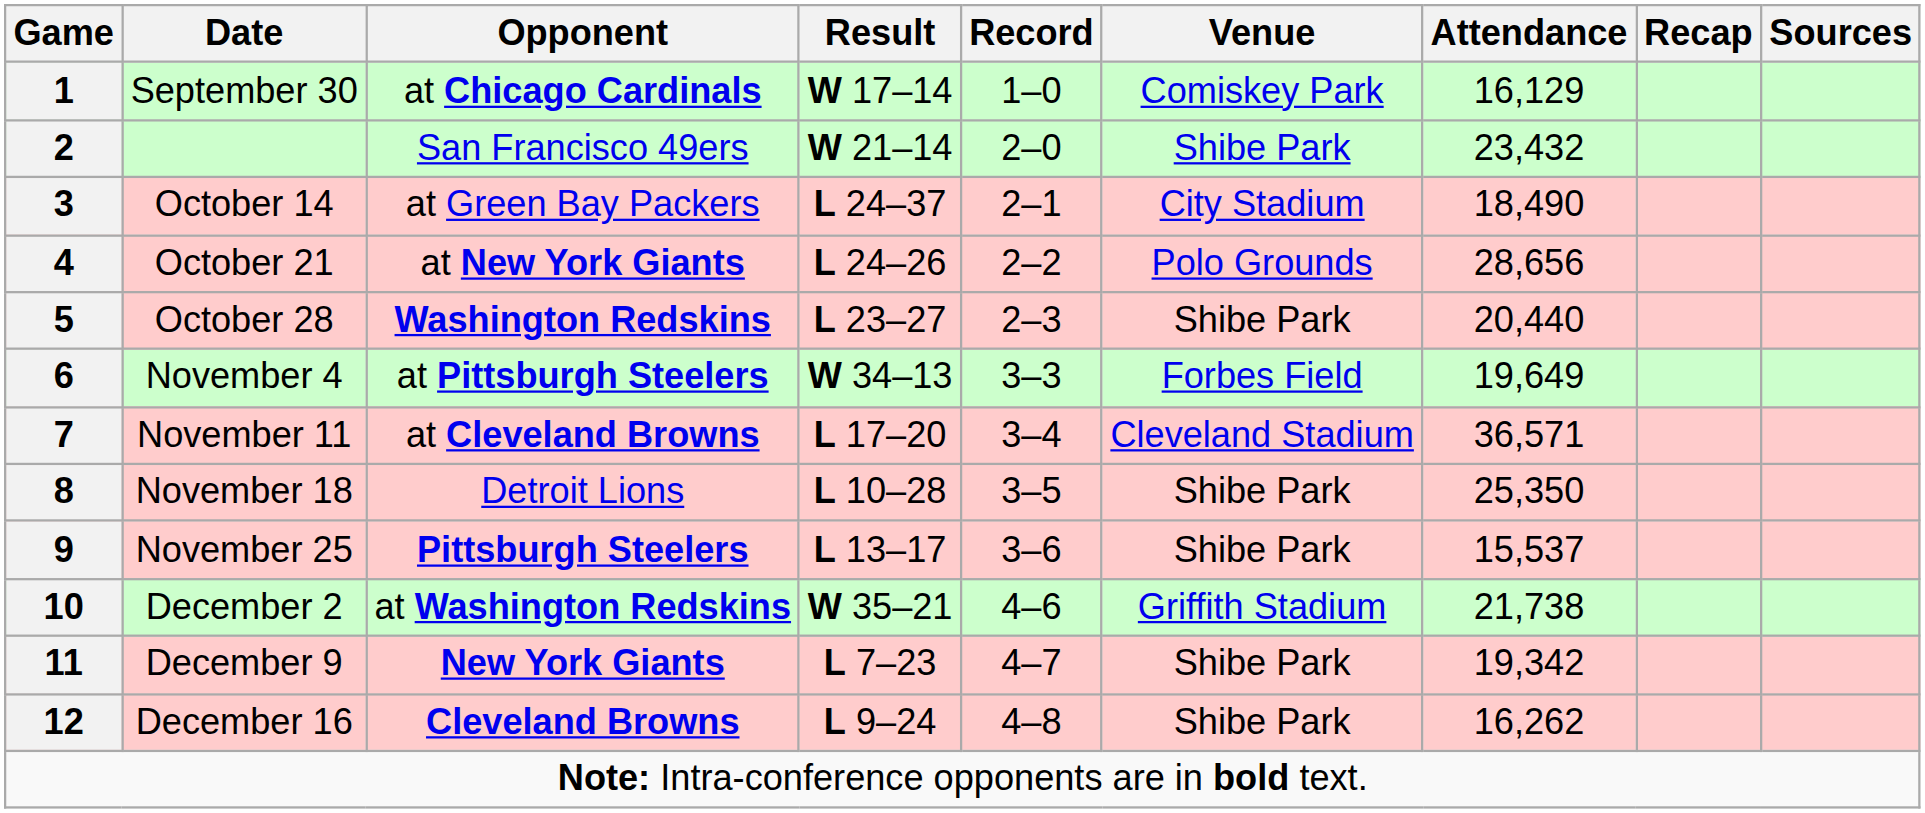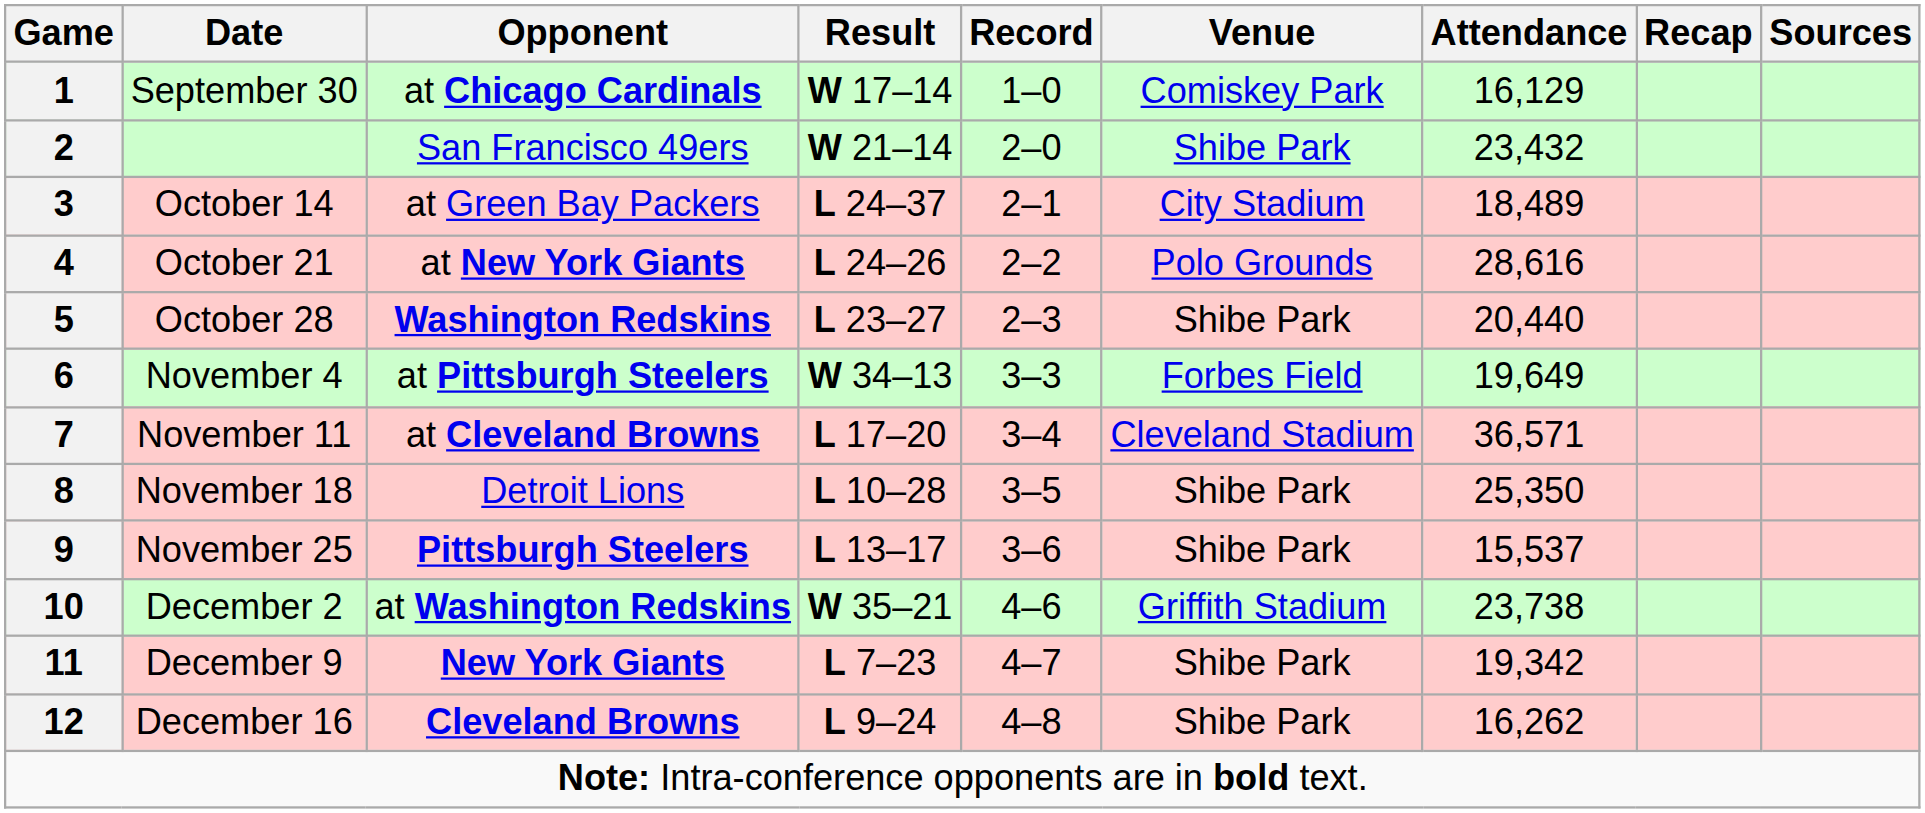 <table class="wikitable" style="text-align:center">
 <tr>
 <th>Game</th>
 <th>Date</th>
 <th>Opponent</th>
 <th>Result</th>
 <th>Record</th>
 <th>Venue</th>
 <th>Attendance</th>
 <th>Recap</th>
 <th>Sources</th>
 </tr>
 <tr style="background:#cfc">
 <th>1</th>
 <td>September 30</td>
 <td>at <strong><a href='#'>Chicago Cardinals</a></strong></td>
 <td><strong>W</strong> 17–14</td>
 <td>1–0</td>
 <td><a href='#'>Comiskey Park</a></td>
 <td>16,129</td>
 <td></td>
 <td></td>
 </tr>
 <tr style="background:#cfc">
 <th>2</th>
 <td></td>
 <td><a href='#'>San Francisco 49ers</a></td>
 <td><strong>W</strong> 21–14</td>
 <td>2–0</td>
 <td><a href='#'>Shibe Park</a></td>
 <td>23,432</td>
 <td></td>
 <td></td>
 </tr>
 <tr style="background:#fcc">
 <th>3</th>
 <td>October 14</td>
 <td>at <a href='#'>Green Bay Packers</a></td>
 <td><strong>L</strong> 24–37</td>
 <td>2–1</td>
 <td><a href='#'>City Stadium</a></td>
-<td>18,490</td>
+<td>18,489</td>
 <td></td>
 <td></td>
 </tr>
 <tr style="background:#fcc">
 <th>4</th>
 <td>October 21</td>
 <td>at <strong><a href='#'>New York Giants</a></strong></td>
 <td><strong>L</strong> 24–26</td>
 <td>2–2</td>
 <td><a href='#'>Polo Grounds</a></td>
-<td>28,656</td>
+<td>28,616</td>
 <td></td>
 <td></td>
 </tr>
 <tr style="background:#fcc">
 <th>5</th>
 <td>October 28</td>
 <td><strong><a href='#'>Washington Redskins</a></strong></td>
 <td><strong>L</strong> 23–27</td>
 <td>2–3</td>
 <td>Shibe Park</td>
 <td>20,440</td>
 <td></td>
 <td></td>
 </tr>
 <tr style="background:#cfc">
 <th>6</th>
 <td>November 4</td>
 <td>at <strong><a href='#'>Pittsburgh Steelers</a></strong></td>
 <td><strong>W</strong> 34–13</td>
 <td>3–3</td>
 <td><a href='#'>Forbes Field</a></td>
 <td>19,649</td>
 <td></td>
 <td></td>
 </tr>
 <tr style="background:#fcc">
 <th>7</th>
 <td>November 11</td>
 <td>at <strong><a href='#'>Cleveland Browns</a></strong></td>
 <td><strong>L</strong> 17–20</td>
 <td>3–4</td>
 <td><a href='#'>Cleveland Stadium</a></td>
 <td>36,571</td>
 <td></td>
 <td></td>
 </tr>
 <tr style="background:#fcc">
 <th>8</th>
 <td>November 18</td>
 <td><a href='#'>Detroit Lions</a></td>
 <td><strong>L</strong> 10–28</td>
 <td>3–5</td>
 <td>Shibe Park</td>
 <td>25,350</td>
 <td></td>
 <td></td>
 </tr>
 <tr style="background:#fcc">
 <th>9</th>
 <td>November 25</td>
 <td><strong><a href='#'>Pittsburgh Steelers</a></strong></td>
 <td><strong>L</strong> 13–17</td>
 <td>3–6</td>
 <td>Shibe Park</td>
 <td>15,537</td>
 <td></td>
 <td></td>
 </tr>
 <tr style="background:#cfc">
 <th>10</th>
 <td>December 2</td>
 <td>at <strong><a href='#'>Washington Redskins</a></strong></td>
 <td><strong>W</strong> 35–21</td>
 <td>4–6</td>
 <td><a href='#'>Griffith Stadium</a></td>
-<td>21,738</td>
+<td>23,738</td>
 <td></td>
 <td></td>
 </tr>
 <tr style="background:#fcc">
 <th>11</th>
 <td>December 9</td>
 <td><strong><a href='#'>New York Giants</a></strong></td>
 <td><strong>L</strong> 7–23</td>
 <td>4–7</td>
 <td>Shibe Park</td>
 <td>19,342</td>
 <td></td>
 <td></td>
 </tr>
 <tr style="background:#fcc">
 <th>12</th>
 <td>December 16</td>
 <td><strong><a href='#'>Cleveland Browns</a></strong></td>
 <td><strong>L</strong> 9–24</td>
 <td>4–8</td>
 <td>Shibe Park</td>
 <td>16,262</td>
 <td></td>
 <td></td>
 </tr>
 <tr>
 <td colspan="10"><strong>Note:</strong> Intra-conference opponents are in <strong>bold</strong> text.</td>
 </tr>
 </table>
